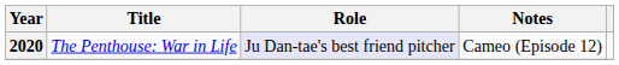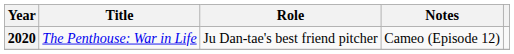 <table class="wikitable sortable plainrowheaders">
 <tr>
 <th scope="col">Year</th>
 <th scope="col">Title</th>
 <th scope="col">Role</th>
 <th scope="col">Notes</th>
 <th scope="col" class="unsortable"></th>
 </tr>
 <tr>
 <th scope="row">2020</th>
 <td><em><a href='#'>The Penthouse: War in Life</a></em></td>
-<td style="background: lavender;">Ju Dan-tae's best friend pitcher</td>
+<td>Ju Dan-tae's best friend pitcher</td>
 <td>Cameo (Episode 12)</td>
 <td></td>
 </tr>
 <tr>
 </tr>
 </table>
